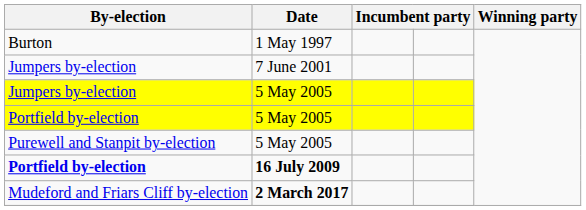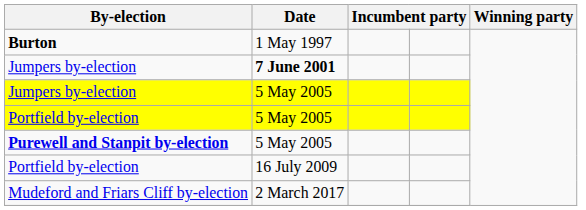 <table class="wikitable">
 <tr>
 <th>By-election</th>
 <th>Date</th>
 <th colspan=2>Incumbent party</th>
 <th colspan=2>Winning party</th>
 </tr>
 <tr bgcolor=>
-<td>Burton</td>
+<td><strong>Burton</strong></td>
 <td>1 May 1997</td>
 <td></td>
 <td></td>
 </tr>
 <tr bgcolor=>
 <td><a href='#'>Jumpers by-election</a></td>
-<td>7 June 2001</td>
+<td><strong>7 June 2001</strong></td>
 <td></td>
 <td></td>
 </tr>
 <tr bgcolor=yellow>
 <td><a href='#'>Jumpers by-election</a></td>
 <td>5 May 2005</td>
 <td></td>
 <td></td>
 </tr>
 <tr bgcolor=yellow>
 <td><a href='#'>Portfield by-election</a></td>
 <td>5 May 2005</td>
 <td></td>
 <td></td>
 </tr>
 <tr bgcolor=>
-<td><a href='#'>Purewell and Stanpit by-election</a></td>
+<td><strong><a href='#'>Purewell and Stanpit by-election</a></strong></td>
 <td>5 May 2005</td>
 <td></td>
 <td></td>
 </tr>
 <tr bgcolor=>
-<td><strong><a href='#'>Portfield by-election</a></strong></td>
-<td><strong>16 July 2009</strong></td>
+<td><a href='#'>Portfield by-election</a></td>
+<td>16 July 2009</td>
 <td></td>
 <td></td>
 </tr>
 <tr bgcolor=>
 <td><a href='#'>Mudeford and Friars Cliff by-election</a></td>
-<td><strong>2 March 2017</strong></td>
+<td>2 March 2017</td>
 <td></td>
 <td></td>
 </tr>
 <tr>
 </tr>
 </table>
